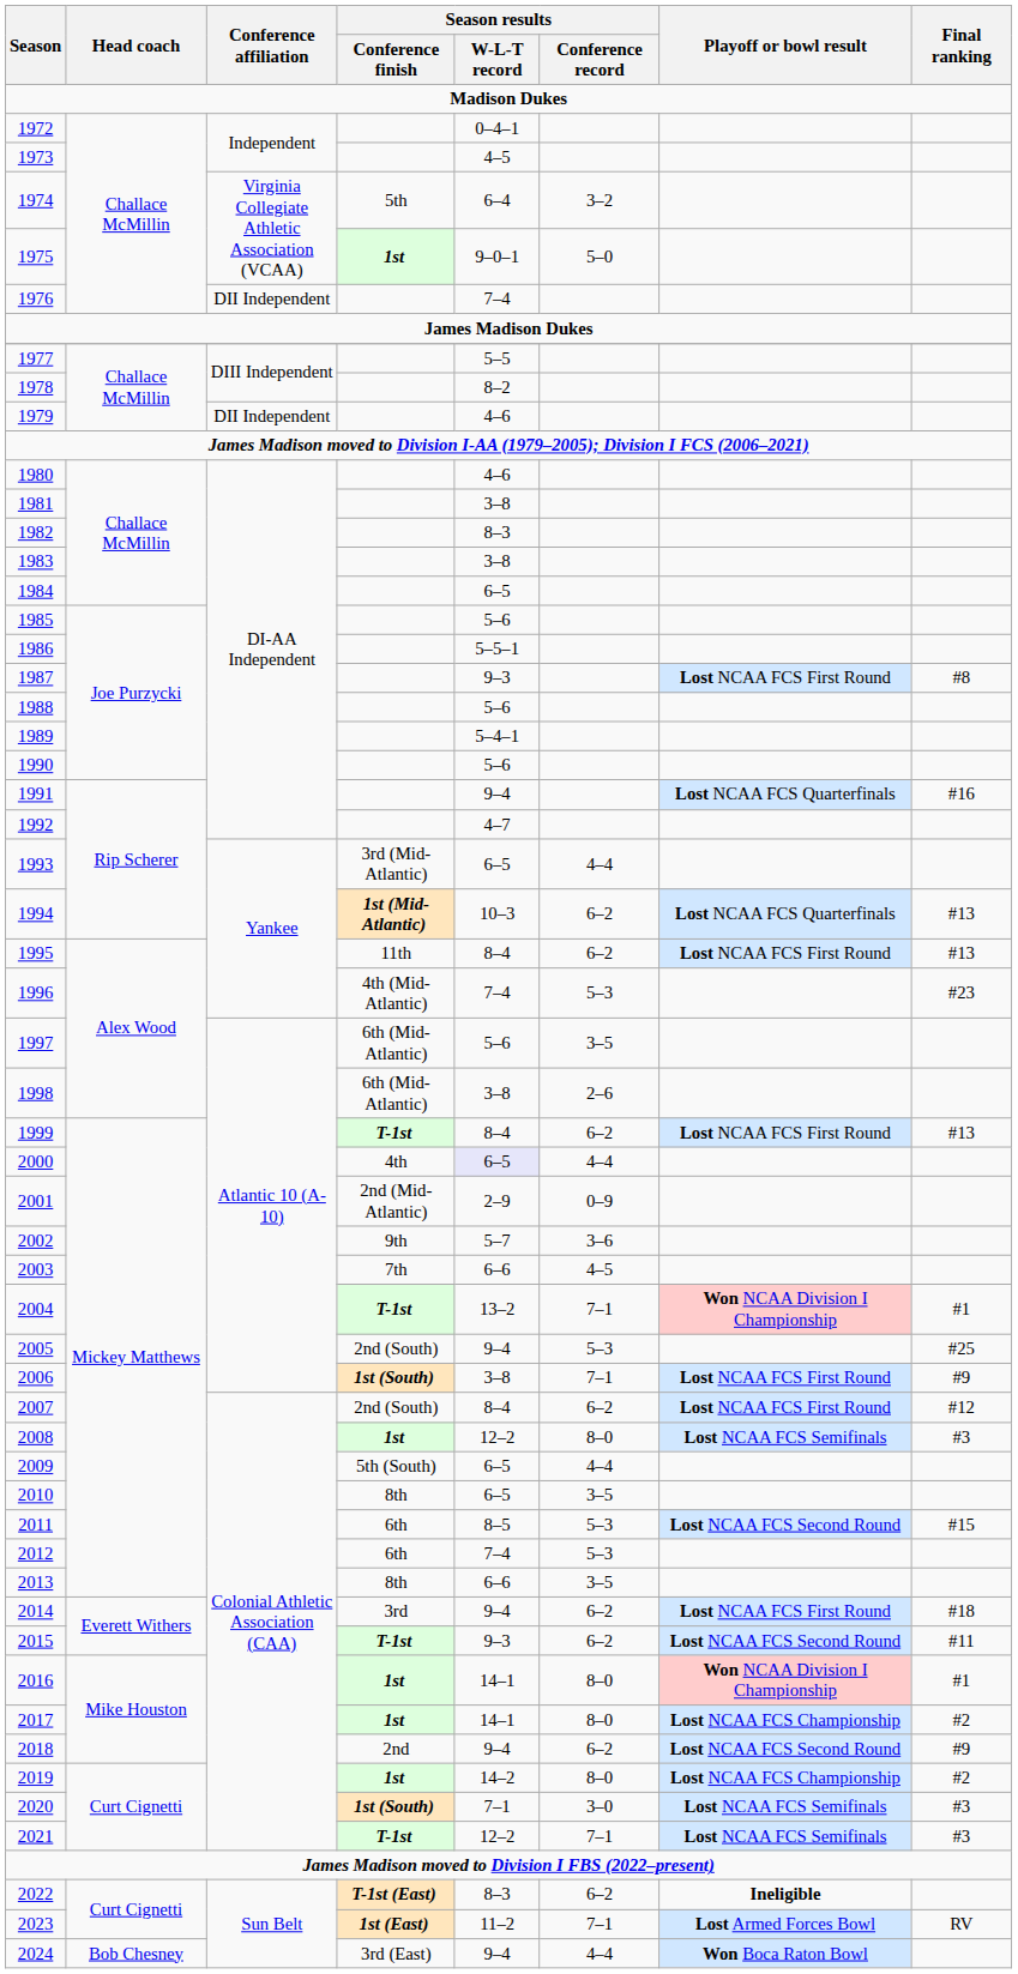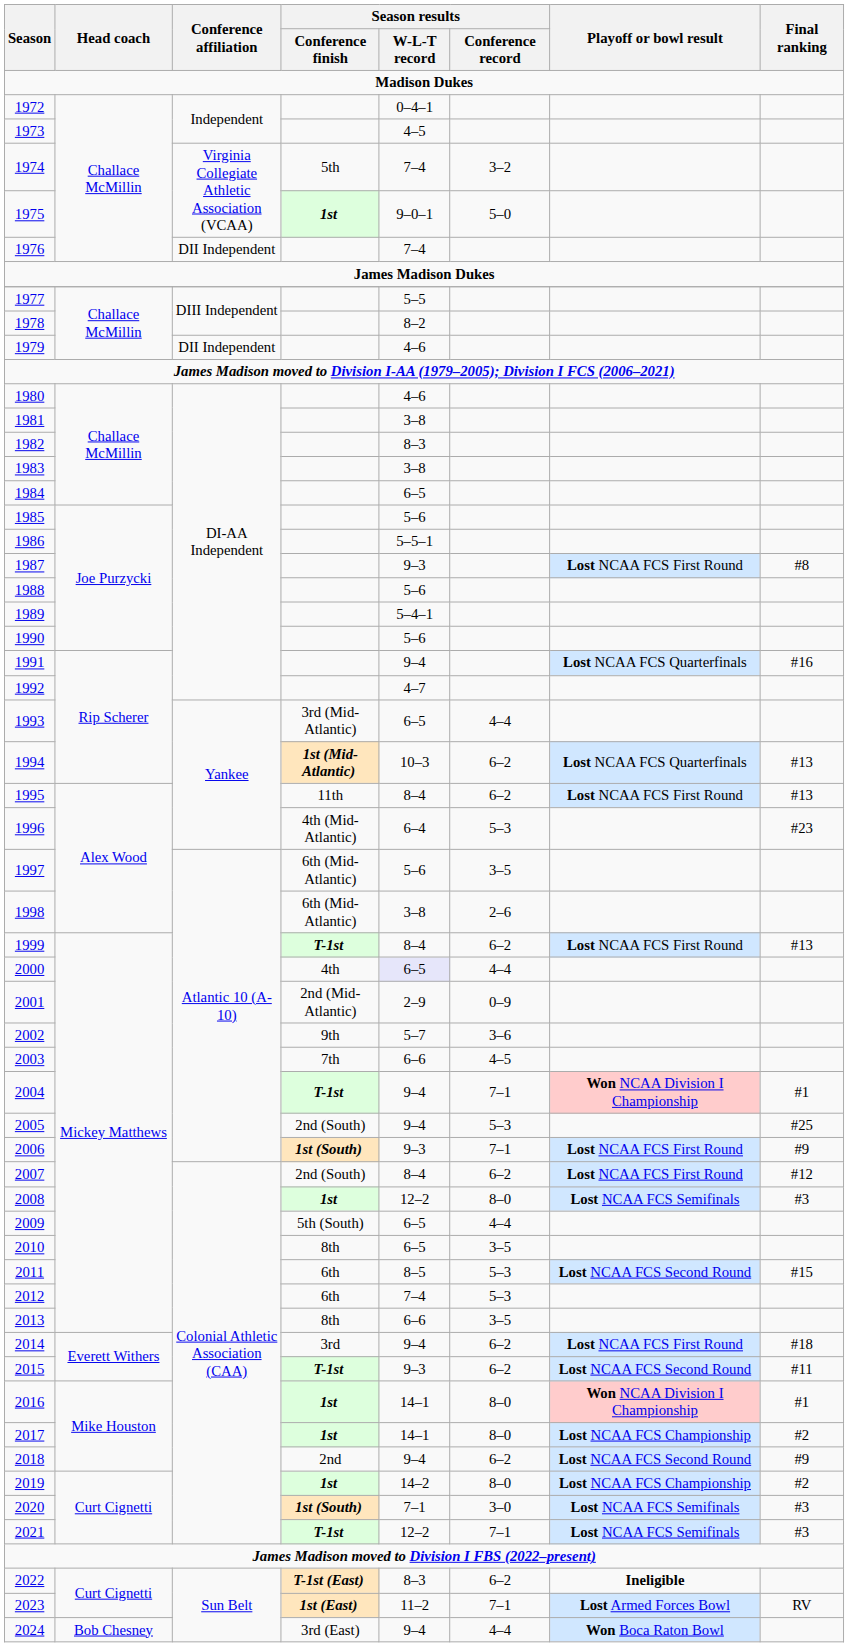 <table class="wikitable" style="font-size: 95%; width:98%; text-align:center;">
 <tr>
 <th rowspan="2" style="width:5%;">Season</th>
 <th rowspan="2" style="width:14%;">Head coach</th>
 <th rowspan="2" style="width:13%;">Conference affiliation</th>
 <th colspan="3">Season results</th>
 <th rowspan="2" style="width:25%;">Playoff or bowl result</th>
 <th rowspan="2" style="width:10%;">Final ranking</th>
 </tr>
 <tr>
 <th>Conference finish</th>
 <th>W-L-T record</th>
 <th>Conference record</th>
 </tr>
 <tr>
 <td colspan="11"><strong>Madison Dukes</strong></td>
 </tr>
 <tr>
 <td><a href='#'>1972</a></td>
 <td rowspan=5><a href='#'>Challace McMillin</a></td>
 <td rowspan=2>Independent</td>
 <td></td>
 <td>0–4–1</td>
 <td></td>
 <td></td>
 <td></td>
 </tr>
 <tr>
 <td><a href='#'>1973</a></td>
 <td></td>
 <td>4–5</td>
 <td></td>
 <td></td>
 <td></td>
 </tr>
 <tr>
 <td><a href='#'>1974</a></td>
 <td rowspan=2><a href='#'>Virginia Collegiate Athletic Association</a> (VCAA)</td>
 <td>5th</td>
-<td>6–4</td>
+<td>7–4</td>
 <td>3–2</td>
 <td></td>
 <td></td>
 </tr>
 <tr>
 <td><a href='#'>1975</a></td>
 <td bgcolor="#DDFFDD"><strong><em>1st</em></strong> </td>
 <td>9–0–1</td>
 <td>5–0</td>
 <td></td>
 <td></td>
 </tr>
 <tr>
 <td><a href='#'>1976</a></td>
 <td rowspan=1>DII Independent</td>
 <td></td>
 <td>7–4</td>
 <td></td>
 <td></td>
 <td></td>
 </tr>
 <tr>
 <td colspan="11"><strong>James Madison Dukes</strong></td>
 </tr>
 <tr>
 </tr>
 <tr>
 <td><a href='#'>1977</a></td>
 <td rowspan=3><a href='#'>Challace McMillin</a></td>
 <td rowspan=2>DIII Independent</td>
 <td></td>
 <td>5–5</td>
 <td></td>
 <td></td>
 <td></td>
 </tr>
 <tr>
 <td><a href='#'>1978</a></td>
 <td></td>
 <td>8–2</td>
 <td></td>
 <td></td>
 <td></td>
 </tr>
 <tr>
 <td><a href='#'>1979</a></td>
 <td rowspan=1>DII Independent</td>
 <td></td>
 <td>4–6</td>
 <td></td>
 <td></td>
 <td></td>
 </tr>
 <tr>
 <td align="center" colspan=11 rowspan=1><strong><em>James Madison moved to <a href='#'>Division I-AA (1979–2005); Division I FCS (2006–2021)</a></em></strong></td>
 </tr>
 <tr>
 <td><a href='#'>1980</a></td>
 <td rowspan=5><a href='#'>Challace McMillin</a></td>
 <td rowspan=13>DI-AA Independent</td>
 <td></td>
 <td>4–6</td>
 <td></td>
 <td></td>
 <td></td>
 </tr>
 <tr>
 <td><a href='#'>1981</a></td>
 <td></td>
 <td>3–8</td>
 <td></td>
 <td></td>
 <td></td>
 </tr>
 <tr>
 <td><a href='#'>1982</a></td>
 <td></td>
 <td>8–3</td>
 <td></td>
 <td></td>
 <td></td>
 </tr>
 <tr>
 <td><a href='#'>1983</a></td>
 <td></td>
 <td>3–8</td>
 <td></td>
 <td></td>
 <td></td>
 </tr>
 <tr>
 <td><a href='#'>1984</a></td>
 <td></td>
 <td>6–5</td>
 <td></td>
 <td></td>
 <td></td>
 </tr>
 <tr>
 <td><a href='#'>1985</a></td>
 <td rowspan=6><a href='#'>Joe Purzycki</a></td>
 <td></td>
 <td>5–6</td>
 <td></td>
 <td></td>
 <td></td>
 </tr>
 <tr>
 <td><a href='#'>1986</a></td>
 <td></td>
 <td>5–5–1</td>
 <td></td>
 <td></td>
 <td></td>
 </tr>
 <tr>
 <td><a href='#'>1987</a></td>
 <td></td>
 <td>9–3</td>
 <td></td>
 <td bgcolor="#D0E7FF"><strong>Lost</strong> NCAA FCS First Round</td>
 <td>#8</td>
 </tr>
 <tr>
 <td><a href='#'>1988</a></td>
 <td></td>
 <td>5–6</td>
 <td></td>
 <td></td>
 <td></td>
 </tr>
 <tr>
 <td><a href='#'>1989</a></td>
 <td></td>
 <td>5–4–1</td>
 <td></td>
 <td></td>
 <td></td>
 </tr>
 <tr>
 <td><a href='#'>1990</a></td>
 <td></td>
 <td>5–6</td>
 <td></td>
 <td></td>
 <td></td>
 </tr>
 <tr>
 <td><a href='#'>1991</a></td>
 <td rowspan=4><a href='#'>Rip Scherer</a></td>
 <td></td>
 <td>9–4</td>
 <td></td>
 <td bgcolor="#D0E7FF"><strong>Lost</strong> NCAA FCS Quarterfinals</td>
 <td>#16</td>
 </tr>
 <tr>
 <td><a href='#'>1992</a></td>
 <td></td>
 <td>4–7</td>
 <td></td>
 <td></td>
 <td></td>
 </tr>
 <tr>
 <td><a href='#'>1993</a></td>
 <td rowspan=4><a href='#'>Yankee</a></td>
 <td>3rd (Mid-Atlantic)</td>
 <td>6–5</td>
 <td>4–4</td>
 <td></td>
 <td></td>
 </tr>
 <tr>
 <td><a href='#'>1994</a></td>
 <td bgcolor="#FFE6BD"><strong><em>1st (Mid-Atlantic)</em></strong> </td>
 <td>10–3</td>
 <td>6–2</td>
 <td bgcolor="#D0E7FF"><strong>Lost</strong> NCAA FCS Quarterfinals</td>
 <td>#13</td>
 </tr>
 <tr>
 <td><a href='#'>1995</a></td>
 <td rowspan=4><a href='#'>Alex Wood</a></td>
 <td>11th</td>
 <td>8–4</td>
 <td>6–2</td>
 <td bgcolor="#D0E7FF"><strong>Lost</strong> NCAA FCS First Round</td>
 <td>#13</td>
 </tr>
 <tr>
 <td><a href='#'>1996</a></td>
 <td>4th (Mid-Atlantic)</td>
-<td>7–4</td>
+<td>6–4</td>
 <td>5–3</td>
 <td></td>
 <td>#23</td>
 </tr>
 <tr>
 <td><a href='#'>1997</a></td>
 <td rowspan=10><a href='#'>Atlantic 10 (A-10)</a></td>
 <td>6th (Mid-Atlantic)</td>
 <td>5–6</td>
 <td>3–5</td>
 <td></td>
 <td></td>
 </tr>
 <tr>
 <td><a href='#'>1998</a></td>
 <td>6th (Mid-Atlantic)</td>
 <td>3–8</td>
 <td>2–6</td>
 <td></td>
 <td></td>
 </tr>
 <tr>
 <td><a href='#'>1999</a></td>
 <td rowspan=15><a href='#'>Mickey Matthews</a></td>
 <td bgcolor="#DDFFDD"><strong><em>T-1st</em></strong> </td>
 <td>8–4</td>
 <td>6–2</td>
 <td bgcolor="#D0E7FF"><strong>Lost</strong> NCAA FCS First Round</td>
 <td>#13</td>
 </tr>
 <tr>
 <td><a href='#'>2000</a></td>
 <td>4th</td>
 <td style="background: lavender;">6–5</td>
 <td>4–4</td>
 <td></td>
 <td></td>
 </tr>
 <tr>
 <td><a href='#'>2001</a></td>
 <td>2nd (Mid-Atlantic)</td>
 <td>2–9</td>
 <td>0–9</td>
 <td></td>
 <td></td>
 </tr>
 <tr>
 <td><a href='#'>2002</a></td>
 <td>9th</td>
 <td>5–7</td>
 <td>3–6</td>
 <td></td>
 <td></td>
 </tr>
 <tr>
 <td><a href='#'>2003</a></td>
 <td>7th</td>
 <td>6–6</td>
 <td>4–5</td>
 <td></td>
 <td></td>
 </tr>
 <tr>
 <td><a href='#'>2004</a></td>
 <td bgcolor="#DDFFDD"><strong><em>T-1st</em></strong> </td>
-<td>13–2</td>
+<td>9–4</td>
 <td>7–1</td>
 <td bgcolor="#FFCCCC"><strong>Won</strong> <a href='#'>NCAA Division I Championship</a></td>
 <td>#1</td>
 </tr>
 <tr>
 <td><a href='#'>2005</a></td>
 <td>2nd (South)</td>
 <td>9–4</td>
 <td>5–3</td>
 <td></td>
 <td>#25</td>
 </tr>
 <tr>
 <td><a href='#'>2006</a></td>
 <td bgcolor="#FFE6BD"><strong><em>1st (South)</em></strong> </td>
-<td>3–8</td>
+<td>9–3</td>
 <td>7–1</td>
 <td bgcolor="#D0E7FF"><strong>Lost</strong> <a href='#'>NCAA FCS First Round</a></td>
 <td>#9</td>
 </tr>
 <tr>
 <td><a href='#'>2007</a></td>
 <td rowspan=15><a href='#'>Colonial Athletic Association (CAA)</a></td>
 <td>2nd (South)</td>
 <td>8–4</td>
 <td>6–2</td>
 <td bgcolor="#D0E7FF"><strong>Lost</strong> <a href='#'>NCAA FCS First Round</a></td>
 <td>#12</td>
 </tr>
 <tr>
 <td><a href='#'>2008</a></td>
 <td bgcolor="#DDFFDD"><strong><em>1st</em></strong> </td>
 <td>12–2</td>
 <td>8–0</td>
 <td bgcolor="#D0E7FF"><strong>Lost</strong> <a href='#'>NCAA FCS Semifinals</a></td>
 <td>#3</td>
 </tr>
 <tr>
 <td><a href='#'>2009</a></td>
 <td>5th (South)</td>
 <td>6–5</td>
 <td>4–4</td>
 <td></td>
 <td></td>
 </tr>
 <tr>
 <td><a href='#'>2010</a></td>
 <td>8th</td>
 <td>6–5</td>
 <td>3–5</td>
 <td></td>
 <td></td>
 </tr>
 <tr>
 <td><a href='#'>2011</a></td>
 <td>6th</td>
 <td>8–5</td>
 <td>5–3</td>
 <td bgcolor="#D0E7FF"><strong>Lost</strong> <a href='#'>NCAA FCS Second Round</a></td>
 <td>#15</td>
 </tr>
 <tr>
 <td><a href='#'>2012</a></td>
 <td>6th</td>
 <td>7–4</td>
 <td>5–3</td>
 <td></td>
 <td></td>
 </tr>
 <tr>
 <td><a href='#'>2013</a></td>
 <td>8th</td>
 <td>6–6</td>
 <td>3–5</td>
 <td></td>
 <td></td>
 </tr>
 <tr>
 <td><a href='#'>2014</a></td>
 <td rowspan=2><a href='#'>Everett Withers</a></td>
 <td>3rd</td>
 <td>9–4</td>
 <td>6–2</td>
 <td bgcolor="#D0E7FF"><strong>Lost</strong> <a href='#'>NCAA FCS First Round</a></td>
 <td>#18</td>
 </tr>
 <tr>
 <td><a href='#'>2015</a></td>
 <td bgcolor="#DDFFDD"><strong><em>T-1st</em></strong> </td>
 <td>9–3</td>
 <td>6–2</td>
 <td bgcolor="#D0E7FF"><strong>Lost</strong> <a href='#'>NCAA FCS Second Round</a></td>
 <td>#11</td>
 </tr>
 <tr>
 <td><a href='#'>2016</a></td>
 <td rowspan=3><a href='#'>Mike Houston</a></td>
 <td bgcolor="#DDFFDD"><strong><em>1st</em></strong> </td>
 <td>14–1</td>
 <td>8–0</td>
 <td bgcolor="#FFCCCC"><strong>Won</strong> <a href='#'>NCAA Division I Championship</a></td>
 <td>#1</td>
 </tr>
 <tr>
 <td><a href='#'>2017</a></td>
 <td bgcolor="#DDFFDD"><strong><em>1st</em></strong> </td>
 <td>14–1</td>
 <td>8–0</td>
 <td bgcolor="#D0E7FF"><strong>Lost</strong> <a href='#'>NCAA FCS Championship</a></td>
 <td>#2</td>
 </tr>
 <tr>
 <td><a href='#'>2018</a></td>
 <td>2nd</td>
 <td>9–4</td>
 <td>6–2</td>
 <td bgcolor="#D0E7FF"><strong>Lost</strong> <a href='#'>NCAA FCS Second Round</a></td>
 <td>#9</td>
 </tr>
 <tr>
 <td><a href='#'>2019</a></td>
 <td rowspan=3><a href='#'>Curt Cignetti</a></td>
 <td bgcolor="#DDFFDD"><strong><em>1st</em></strong> </td>
 <td>14–2</td>
 <td>8–0</td>
 <td bgcolor="#D0E7FF"><strong>Lost</strong> <a href='#'>NCAA FCS Championship</a></td>
 <td>#2</td>
 </tr>
 <tr>
 <td><a href='#'>2020</a></td>
 <td bgcolor="#FFE6BD"><strong><em>1st (South)</em></strong> </td>
 <td>7–1</td>
 <td>3–0</td>
 <td bgcolor="#D0E7FF"><strong>Lost</strong> <a href='#'>NCAA FCS Semifinals</a></td>
 <td>#3</td>
 </tr>
 <tr>
 <td><a href='#'>2021</a></td>
 <td bgcolor="#DDFFDD"><strong><em>T-1st</em></strong> </td>
 <td>12–2</td>
 <td>7–1</td>
 <td bgcolor="#D0E7FF"><strong>Lost</strong> <a href='#'>NCAA FCS Semifinals</a></td>
 <td>#3</td>
 </tr>
 <tr>
 <td align="center" colspan=11 rowspan=1><strong><em>James Madison moved to <a href='#'>Division I FBS (2022–present)</a></em></strong></td>
 </tr>
 <tr>
 <td><a href='#'>2022</a></td>
 <td rowspan=2><a href='#'>Curt Cignetti</a></td>
 <td rowspan=3><a href='#'>Sun Belt</a></td>
 <td bgcolor="#FFE6BD"><strong><em>T-1st (East)</em></strong> </td>
 <td>8–3</td>
 <td>6–2</td>
 <td><strong>Ineligible</strong></td>
 <td></td>
 </tr>
 <tr>
 <td><a href='#'>2023</a></td>
 <td bgcolor="#FFE6BD"><strong><em>1st (East)</em></strong> </td>
 <td>11–2</td>
 <td>7–1</td>
 <td bgcolor="#D0E7FF"><strong>Lost</strong> <a href='#'>Armed Forces Bowl</a></td>
 <td>RV</td>
 </tr>
 <tr>
 <td><a href='#'>2024</a></td>
 <td rowspan=1><a href='#'>Bob Chesney</a></td>
 <td>3rd (East)</td>
 <td>9–4</td>
 <td>4–4</td>
 <td bgcolor="#D0E7FF"><strong>Won</strong> <a href='#'>Boca Raton Bowl</a></td>
 <td></td>
 </tr>
 </table>
